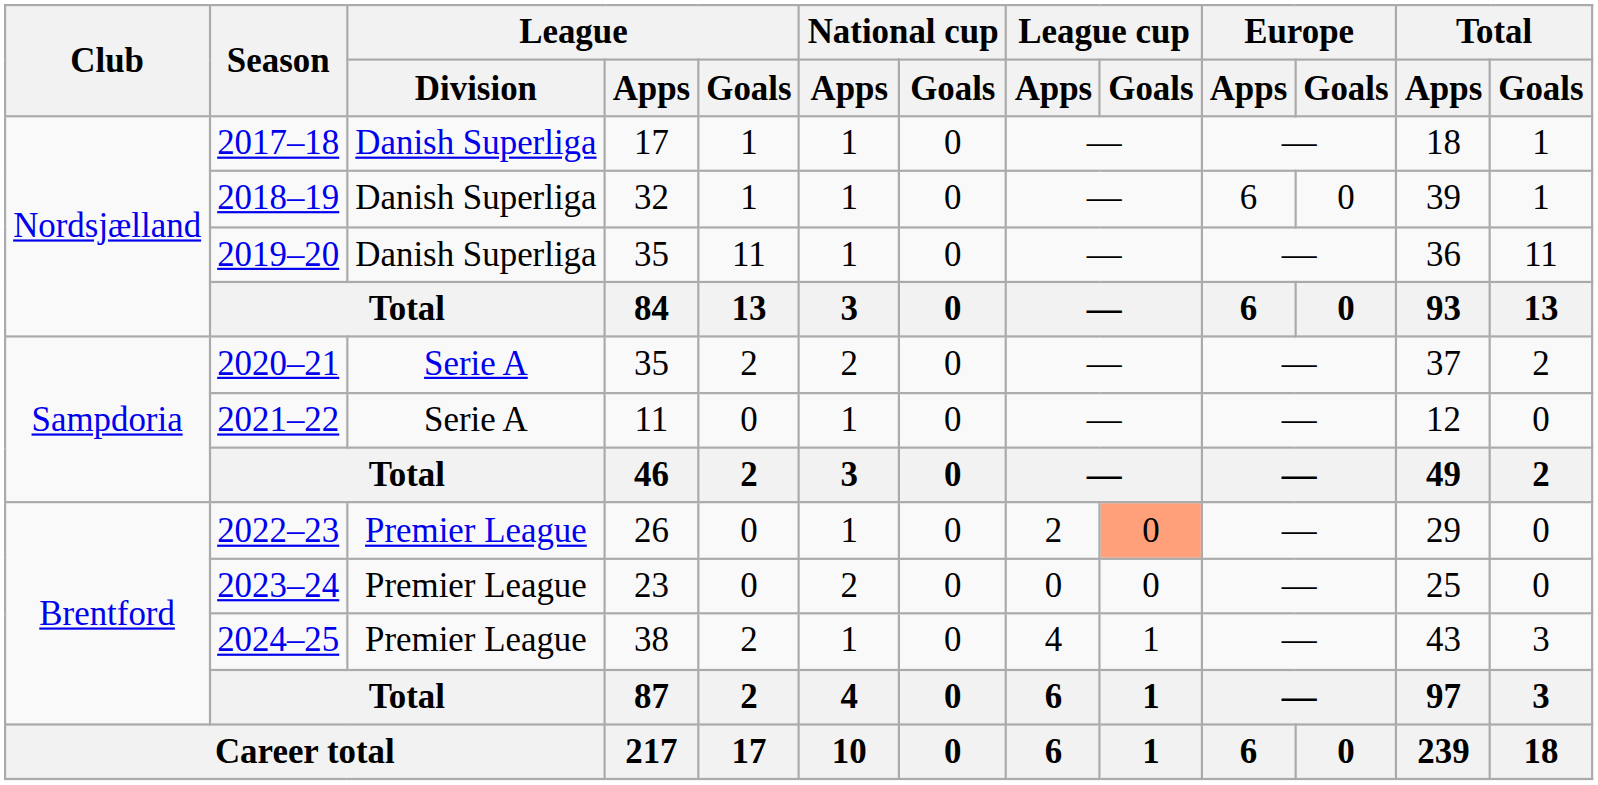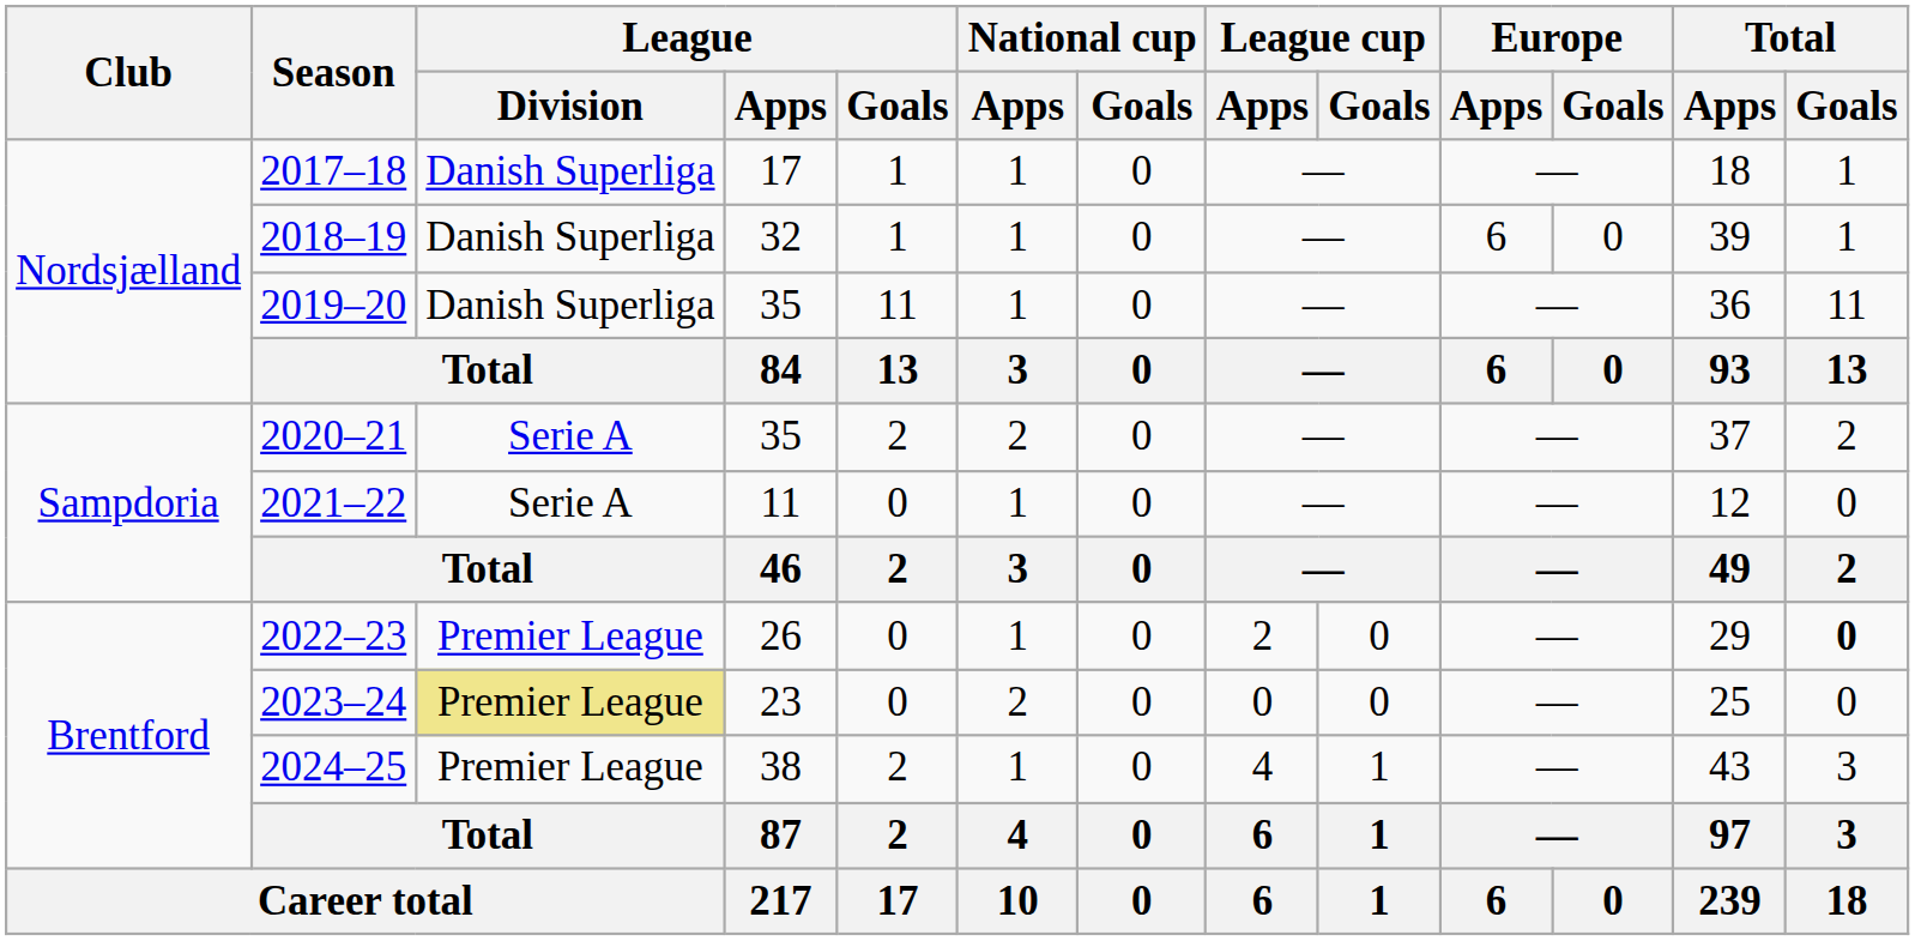 <table class="wikitable" style="text-align:center">
 <tr>
 <th rowspan="2">Club</th>
 <th rowspan="2">Season</th>
 <th colspan="3">League</th>
 <th colspan="2">National cup</th>
 <th colspan="2">League cup</th>
 <th colspan="2">Europe</th>
 <th colspan="2">Total</th>
 </tr>
 <tr>
 <th>Division</th>
 <th>Apps</th>
 <th>Goals</th>
 <th>Apps</th>
 <th>Goals</th>
 <th>Apps</th>
 <th>Goals</th>
 <th>Apps</th>
 <th>Goals</th>
 <th>Apps</th>
 <th>Goals</th>
 </tr>
 <tr>
 <td rowspan="4"><a href='#'>Nordsjælland</a></td>
 <td><a href='#'>2017–18</a></td>
 <td><a href='#'>Danish Superliga</a></td>
 <td>17</td>
 <td>1</td>
 <td>1</td>
 <td>0</td>
 <td colspan="2">—</td>
 <td colspan="2">—</td>
 <td>18</td>
 <td>1</td>
 </tr>
 <tr>
 <td><a href='#'>2018–19</a></td>
 <td>Danish Superliga</td>
 <td>32</td>
 <td>1</td>
 <td>1</td>
 <td>0</td>
 <td colspan="2">—</td>
 <td>6</td>
 <td>0</td>
 <td>39</td>
 <td>1</td>
 </tr>
 <tr>
 <td><a href='#'>2019–20</a></td>
 <td>Danish Superliga</td>
 <td>35</td>
 <td>11</td>
 <td>1</td>
 <td>0</td>
 <td colspan="2">—</td>
 <td colspan="2">—</td>
 <td>36</td>
 <td>11</td>
 </tr>
 <tr>
 <th colspan="2">Total</th>
 <th>84</th>
 <th>13</th>
 <th>3</th>
 <th>0</th>
 <th colspan="2">—</th>
 <th>6</th>
 <th>0</th>
 <th>93</th>
 <th>13</th>
 </tr>
 <tr>
 <td rowspan="3"><a href='#'>Sampdoria</a></td>
 <td><a href='#'>2020–21</a></td>
 <td><a href='#'>Serie A</a></td>
 <td>35</td>
 <td>2</td>
 <td>2</td>
 <td>0</td>
 <td colspan="2">—</td>
 <td colspan="2">—</td>
 <td>37</td>
 <td>2</td>
 </tr>
 <tr>
 <td><a href='#'>2021–22</a></td>
 <td>Serie A</td>
 <td>11</td>
 <td>0</td>
 <td>1</td>
 <td>0</td>
 <td colspan="2">—</td>
 <td colspan="2">—</td>
 <td>12</td>
 <td>0</td>
 </tr>
 <tr>
 <th colspan="2">Total</th>
 <th>46</th>
 <th>2</th>
 <th>3</th>
 <th>0</th>
 <th colspan="2">—</th>
 <th colspan="2">—</th>
 <th>49</th>
 <th>2</th>
 </tr>
 <tr>
 <td rowspan="4"><a href='#'>Brentford</a></td>
 <td><a href='#'>2022–23</a></td>
 <td><a href='#'>Premier League</a></td>
 <td>26</td>
 <td>0</td>
 <td>1</td>
 <td>0</td>
 <td>2</td>
-<td style="background: lightsalmon;">0</td>
+<td>0</td>
 <td colspan="2">—</td>
 <td>29</td>
-<td>0</td>
+<td><strong>0</strong></td>
 </tr>
 <tr>
 <td><a href='#'>2023–24</a></td>
-<td>Premier League</td>
+<td style="background: khaki;">Premier League</td>
 <td>23</td>
 <td>0</td>
 <td>2</td>
 <td>0</td>
 <td>0</td>
 <td>0</td>
 <td colspan="2">—</td>
 <td>25</td>
 <td>0</td>
 </tr>
 <tr>
 <td><a href='#'>2024–25</a></td>
 <td>Premier League</td>
 <td>38</td>
 <td>2</td>
 <td>1</td>
 <td>0</td>
 <td>4</td>
 <td>1</td>
 <td colspan="2">—</td>
 <td>43</td>
 <td>3</td>
 </tr>
 <tr>
 <th colspan="2">Total</th>
 <th>87</th>
 <th>2</th>
 <th>4</th>
 <th>0</th>
 <th>6</th>
 <th>1</th>
 <th colspan="2">—</th>
 <th>97</th>
 <th>3</th>
 </tr>
 <tr>
 <th colspan="3">Career total</th>
 <th>217</th>
 <th>17</th>
 <th>10</th>
 <th>0</th>
 <th>6</th>
 <th>1</th>
 <th>6</th>
 <th>0</th>
 <th>239</th>
 <th>18</th>
 </tr>
 </table>
